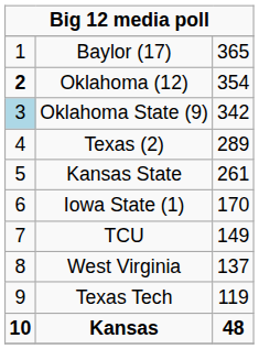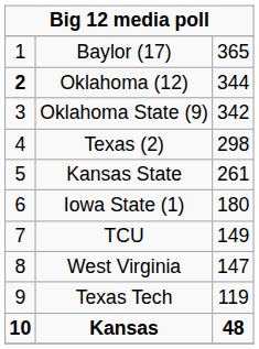 <table class="wikitable" style="display: inline-table;">
 <tr>
 <td align="center" Colspan="3"><strong>Big 12 media poll</strong></td>
 </tr>
 <tr align="center">
 </tr>
 <tr align="center">
 <td>1</td>
 <td>Baylor (17)</td>
 <td>365</td>
 </tr>
 <tr align="center">
 <td><strong>2</strong></td>
 <td>Oklahoma (12)</td>
-<td>354</td>
+<td>344</td>
 </tr>
 <tr align="center">
-<td style="background: lightblue;">3</td>
+<td>3</td>
 <td>Oklahoma State (9)</td>
 <td>342</td>
 </tr>
 <tr align="center">
 <td>4</td>
 <td>Texas (2)</td>
-<td>289</td>
+<td>298</td>
 </tr>
 <tr align="center">
 <td>5</td>
 <td>Kansas State</td>
 <td>261</td>
 </tr>
 <tr align="center">
 <td>6</td>
 <td>Iowa State (1)</td>
-<td>170</td>
+<td>180</td>
 </tr>
 <tr align="center">
 <td>7</td>
 <td>TCU</td>
 <td>149</td>
 </tr>
 <tr align="center">
 <td>8</td>
 <td>West Virginia</td>
-<td>137</td>
+<td>147</td>
 </tr>
 <tr align="center">
 <td>9</td>
 <td>Texas Tech</td>
 <td>119</td>
 </tr>
 <tr align="center">
 <td><strong>10</strong></td>
 <td><strong>Kansas</strong></td>
 <td><strong>48</strong></td>
 </tr>
 <tr>
 </tr>
 </table>
